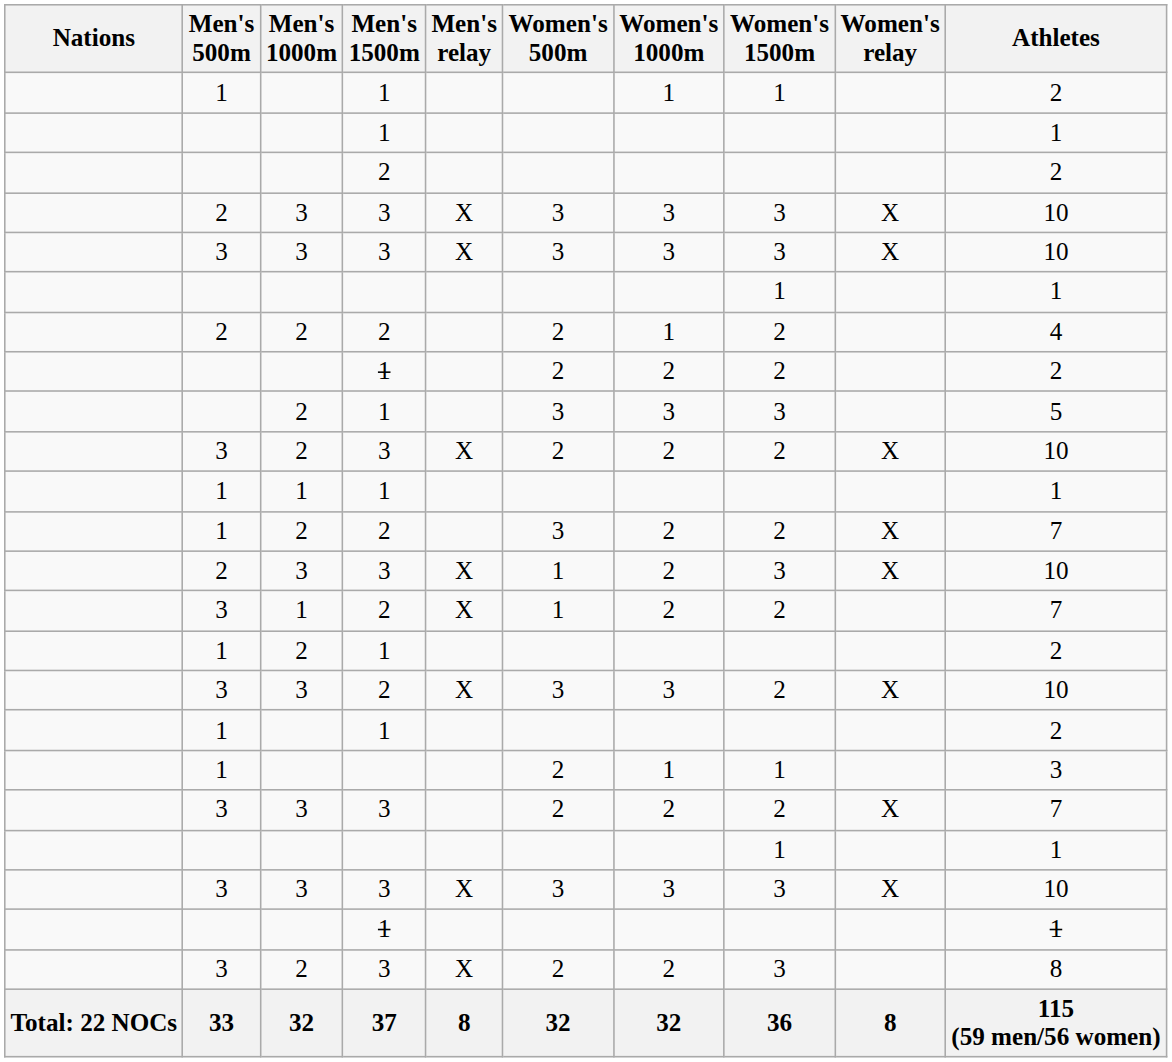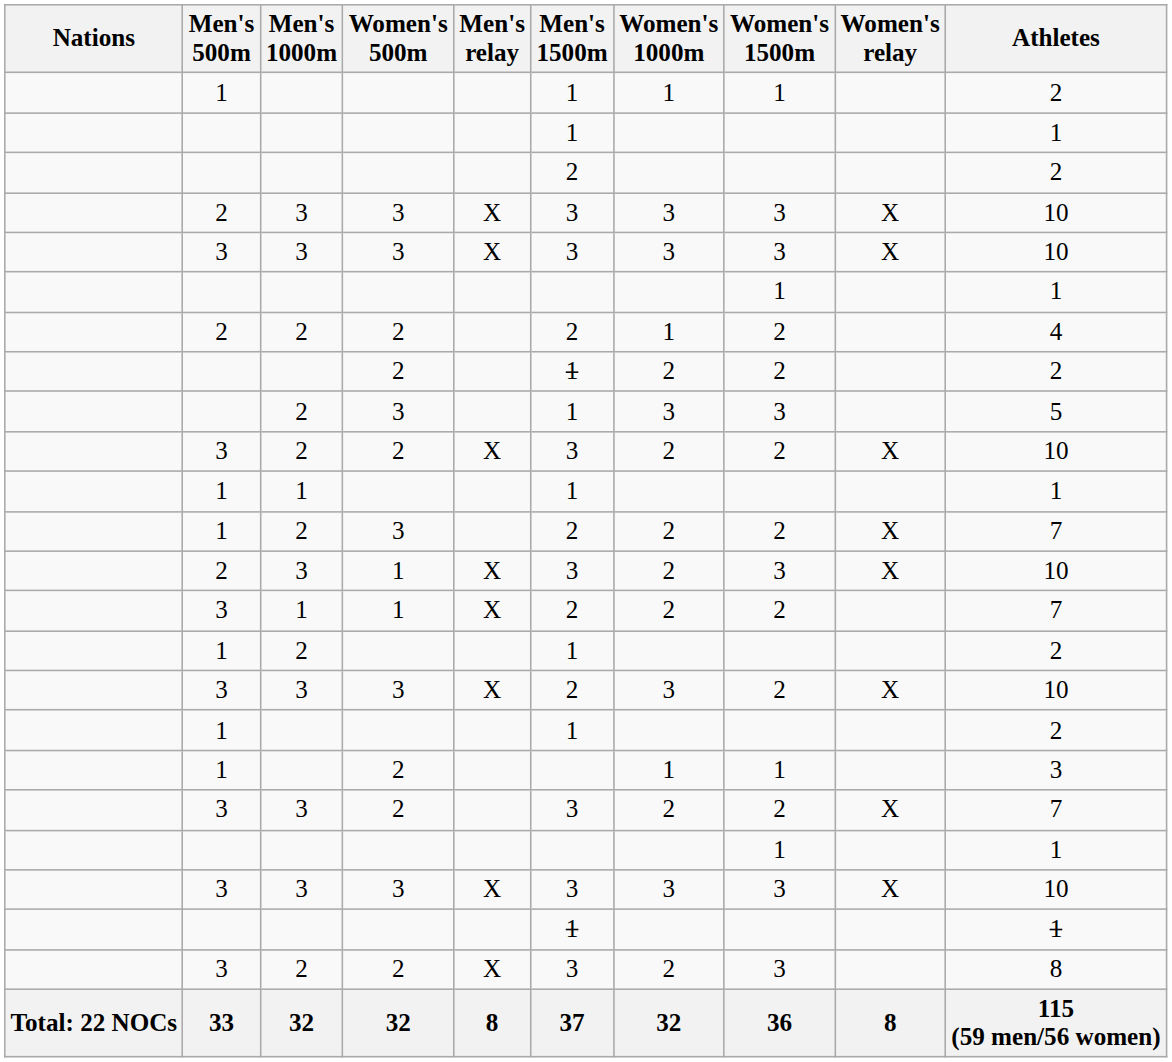 <table class="wikitable sortable" style="text-align:center;">
 <tr>
 <th>Nations</th>
 <th>Men's <br>500m</th>
 <th>Men's <br>1000m</th>
+<th>Women's <br>500m</th>
+<th>Men's <br>relay</th>
 <th>Men's <br>1500m</th>
-<th>Men's <br>relay</th>
-<th>Women's <br>500m</th>
 <th>Women's <br>1000m</th>
 <th>Women's <br>1500m</th>
 <th>Women's <br>relay</th>
 <th>Athletes</th>
 </tr>
 <tr>
 <td align="left"></td>
 <td>1</td>
 <td></td>
-<td>1</td>
 <td></td>
 <td></td>
+<td>1</td>
 <td>1</td>
 <td>1</td>
 <td></td>
 <td>2</td>
 </tr>
 <tr>
 <td align="left"></td>
 <td></td>
 <td></td>
-<td>1</td>
 <td></td>
 <td></td>
+<td>1</td>
 <td></td>
 <td></td>
 <td></td>
 <td>1</td>
 </tr>
 <tr>
 <td align="left"></td>
 <td></td>
 <td></td>
-<td>2</td>
 <td></td>
 <td></td>
+<td>2</td>
 <td></td>
 <td></td>
 <td></td>
 <td>2</td>
 </tr>
 <tr>
 <td align="left"></td>
 <td>2</td>
 <td>3</td>
 <td>3</td>
 <td>X</td>
 <td>3</td>
 <td>3</td>
 <td>3</td>
 <td>X</td>
 <td>10</td>
 </tr>
 <tr>
 <td align="left"></td>
 <td>3</td>
 <td>3</td>
 <td>3</td>
 <td>X</td>
 <td>3</td>
 <td>3</td>
 <td>3</td>
 <td>X</td>
 <td>10</td>
 </tr>
 <tr>
 <td align="left"></td>
 <td></td>
 <td></td>
 <td></td>
 <td></td>
 <td></td>
 <td></td>
 <td>1</td>
 <td></td>
 <td>1</td>
 </tr>
 <tr>
 <td align="left"></td>
 <td>2</td>
 <td>2</td>
 <td>2</td>
 <td></td>
 <td>2</td>
 <td>1</td>
 <td>2</td>
 <td></td>
 <td>4</td>
 </tr>
 <tr>
 <td align="left"></td>
 <td></td>
 <td></td>
+<td>2</td>
+<td></td>
 <td><s>1</s></td>
-<td></td>
-<td>2</td>
 <td>2</td>
 <td>2</td>
 <td></td>
 <td>2</td>
 </tr>
 <tr>
 <td align="left"></td>
 <td></td>
 <td>2</td>
+<td>3</td>
+<td></td>
 <td>1</td>
-<td></td>
-<td>3</td>
 <td>3</td>
 <td>3</td>
 <td></td>
 <td>5</td>
 </tr>
 <tr>
 <td align="left"></td>
 <td>3</td>
 <td>2</td>
+<td>2</td>
+<td>X</td>
 <td>3</td>
-<td>X</td>
-<td>2</td>
 <td>2</td>
 <td>2</td>
 <td>X</td>
 <td>10</td>
 </tr>
 <tr>
 <td align="left"></td>
 <td>1</td>
 <td>1</td>
-<td>1</td>
 <td></td>
 <td></td>
+<td>1</td>
 <td></td>
 <td></td>
 <td></td>
 <td>1</td>
 </tr>
 <tr>
 <td align="left"></td>
 <td>1</td>
 <td>2</td>
+<td>3</td>
+<td></td>
 <td>2</td>
-<td></td>
-<td>3</td>
 <td>2</td>
 <td>2</td>
 <td>X</td>
 <td>7</td>
 </tr>
 <tr>
 <td align="left"></td>
 <td>2</td>
 <td>3</td>
+<td>1</td>
+<td>X</td>
 <td>3</td>
-<td>X</td>
-<td>1</td>
 <td>2</td>
 <td>3</td>
 <td>X</td>
 <td>10</td>
 </tr>
 <tr>
 <td align="left"></td>
 <td>3</td>
 <td>1</td>
+<td>1</td>
+<td>X</td>
 <td>2</td>
-<td>X</td>
-<td>1</td>
 <td>2</td>
 <td>2</td>
 <td></td>
 <td>7</td>
 </tr>
 <tr>
 <td align="left"></td>
 <td>1</td>
 <td>2</td>
-<td>1</td>
 <td></td>
 <td></td>
+<td>1</td>
 <td></td>
 <td></td>
 <td></td>
 <td>2</td>
 </tr>
 <tr>
 <td align="left"></td>
 <td>3</td>
 <td>3</td>
+<td>3</td>
+<td>X</td>
 <td>2</td>
-<td>X</td>
-<td>3</td>
 <td>3</td>
 <td>2</td>
 <td>X</td>
 <td>10</td>
 </tr>
 <tr>
 <td align="left"></td>
 <td>1</td>
 <td></td>
-<td>1</td>
 <td></td>
 <td></td>
+<td>1</td>
 <td></td>
 <td></td>
 <td></td>
 <td>2</td>
 </tr>
 <tr>
 <td align="left"></td>
 <td>1</td>
 <td></td>
+<td>2</td>
 <td></td>
 <td></td>
-<td>2</td>
 <td>1</td>
 <td>1</td>
 <td></td>
 <td>3</td>
 </tr>
 <tr>
 <td align="left"></td>
 <td>3</td>
 <td>3</td>
+<td>2</td>
+<td></td>
 <td>3</td>
-<td></td>
-<td>2</td>
 <td>2</td>
 <td>2</td>
 <td>X</td>
 <td>7</td>
 </tr>
 <tr>
 <td align="left"></td>
 <td></td>
 <td></td>
 <td></td>
 <td></td>
 <td></td>
 <td></td>
 <td>1</td>
 <td></td>
 <td>1</td>
 </tr>
 <tr>
 <td align="left"></td>
 <td>3</td>
 <td>3</td>
 <td>3</td>
 <td>X</td>
 <td>3</td>
 <td>3</td>
 <td>3</td>
 <td>X</td>
 <td>10</td>
 </tr>
 <tr>
 <td align="left"><s></s></td>
 <td></td>
 <td></td>
-<td><s>1</s></td>
 <td></td>
 <td></td>
+<td><s>1</s></td>
 <td></td>
 <td></td>
 <td></td>
 <td><s>1</s></td>
 </tr>
 <tr>
 <td align="left"></td>
 <td>3</td>
 <td>2</td>
+<td>2</td>
+<td>X</td>
 <td>3</td>
-<td>X</td>
-<td>2</td>
 <td>2</td>
 <td>3</td>
 <td></td>
 <td>8</td>
 </tr>
 <tr>
 <th>Total: 22 NOCs</th>
 <th>33</th>
 <th>32</th>
+<th>32</th>
+<th>8</th>
 <th>37</th>
-<th>8</th>
-<th>32</th>
 <th>32</th>
 <th>36</th>
 <th>8</th>
 <th>115<br>(59 men/56 women)</th>
 </tr>
 </table>
